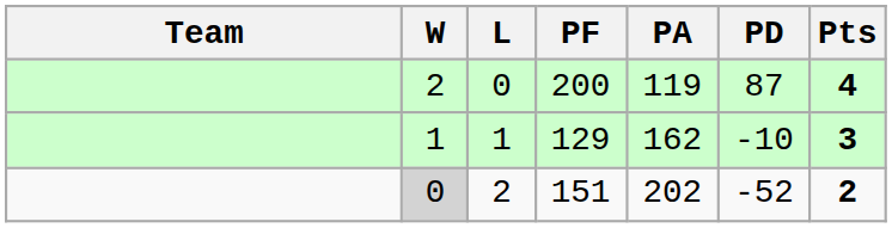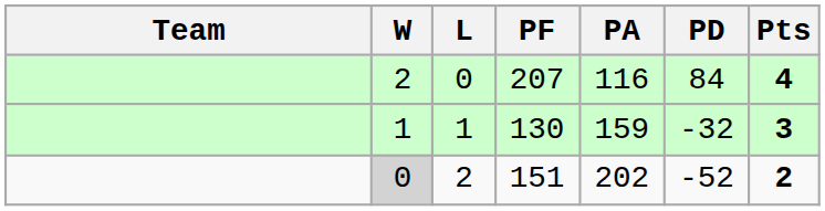 <table class="wikitable" style="text-align:center;">
 <tr>
 <th width=150>Team</th>
 <th width=20>W</th>
 <th width=20>L</th>
 <th width=30>PF</th>
 <th width=30>PA</th>
 <th width=30>PD</th>
 <th width=20>Pts</th>
 </tr>
 <tr bgcolor="#ccffcc">
 <td align="left"></td>
 <td>2</td>
 <td>0</td>
-<td>200</td>
-<td>119</td>
-<td>87</td>
+<td>207</td>
+<td>116</td>
+<td>84</td>
 <td><strong>4</strong></td>
 </tr>
 <tr bgcolor="#ccffcc">
 <td align="left"></td>
 <td>1</td>
 <td>1</td>
-<td>129</td>
-<td>162</td>
-<td>-10</td>
+<td>130</td>
+<td>159</td>
+<td>-32</td>
 <td><strong>3</strong></td>
 </tr>
 <tr>
 <td align="left"></td>
 <td style="background: lightgrey;">0</td>
 <td>2</td>
 <td>151</td>
 <td>202</td>
 <td>-52</td>
 <td><strong>2</strong></td>
 </tr>
 </table>
